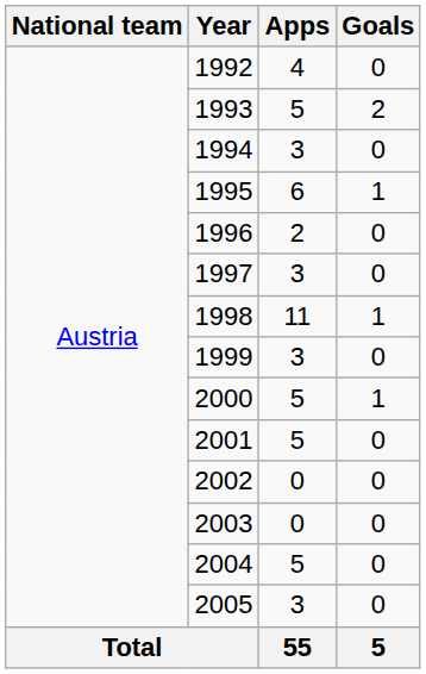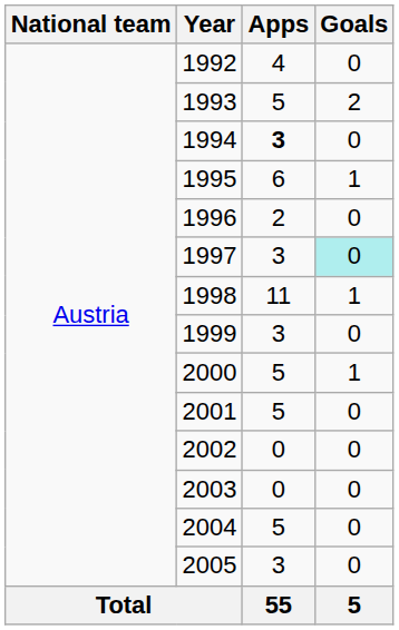 <table class="wikitable" style="text-align: center;">
 <tr>
 <th>National team</th>
 <th>Year</th>
 <th>Apps</th>
 <th>Goals</th>
 </tr>
 <tr>
 <td rowspan="14"><a href='#'>Austria</a></td>
 <td>1992</td>
 <td>4</td>
 <td>0</td>
 </tr>
 <tr>
 <td>1993</td>
 <td>5</td>
 <td>2</td>
 </tr>
 <tr>
 <td>1994</td>
-<td>3</td>
+<td><strong>3</strong></td>
 <td>0</td>
 </tr>
 <tr>
 <td>1995</td>
 <td>6</td>
 <td>1</td>
 </tr>
 <tr>
 <td>1996</td>
 <td>2</td>
 <td>0</td>
 </tr>
 <tr>
 <td>1997</td>
 <td>3</td>
-<td>0</td>
+<td style="background: paleturquoise;">0</td>
 </tr>
 <tr>
 <td>1998</td>
 <td>11</td>
 <td>1</td>
 </tr>
 <tr>
 <td>1999</td>
 <td>3</td>
 <td>0</td>
 </tr>
 <tr>
 <td>2000</td>
 <td>5</td>
 <td>1</td>
 </tr>
 <tr>
 <td>2001</td>
 <td>5</td>
 <td>0</td>
 </tr>
 <tr>
 <td>2002</td>
 <td>0</td>
 <td>0</td>
 </tr>
 <tr>
 <td>2003</td>
 <td>0</td>
 <td>0</td>
 </tr>
 <tr>
 <td>2004</td>
 <td>5</td>
 <td>0</td>
 </tr>
 <tr>
 <td>2005</td>
 <td>3</td>
 <td>0</td>
 </tr>
 <tr>
 <th colspan="2">Total</th>
 <th>55</th>
 <th>5</th>
 </tr>
 </table>
